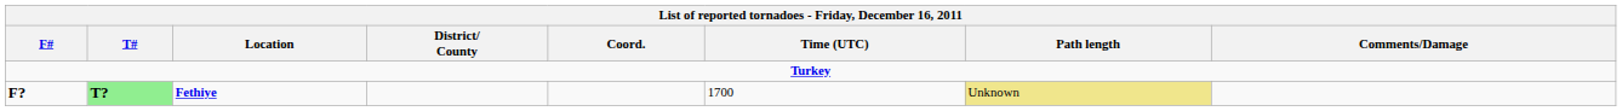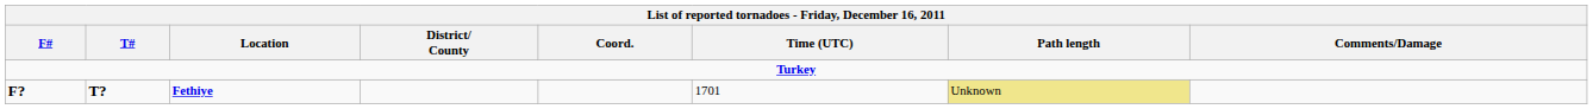 <table class="wikitable collapsible" width="100%">
 <tr>
 <th colspan="8">List of reported tornadoes - Friday, December 16, 2011</th>
 </tr>
 <tr>
 <th><a href='#'>F#</a></th>
 <th><a href='#'>T#</a></th>
 <th>Location</th>
 <th>District/<br>County</th>
 <th>Coord.</th>
 <th>Time (UTC)</th>
 <th>Path length</th>
 <th>Comments/Damage</th>
 </tr>
 <tr>
 <td colspan="8" align=center><strong><a href='#'>Turkey</a></strong></td>
 </tr>
 <tr>
 <td><big><strong>F?</strong></big></td>
-<td style="background: lightgreen;"><big><strong>T?</strong></big></td>
+<td><big><strong>T?</strong></big></td>
 <td><strong><a href='#'>Fethiye</a></strong></td>
 <td></td>
 <td></td>
-<td>1700</td>
+<td>1701</td>
 <td style="background: khaki;">Unknown</td>
 <td></td>
 </tr>
 </table>
